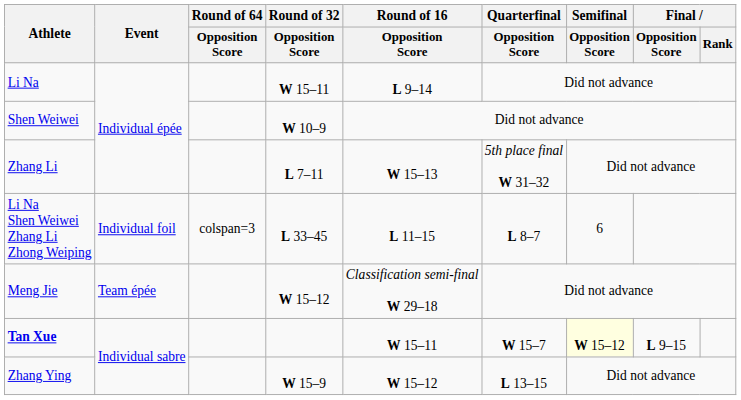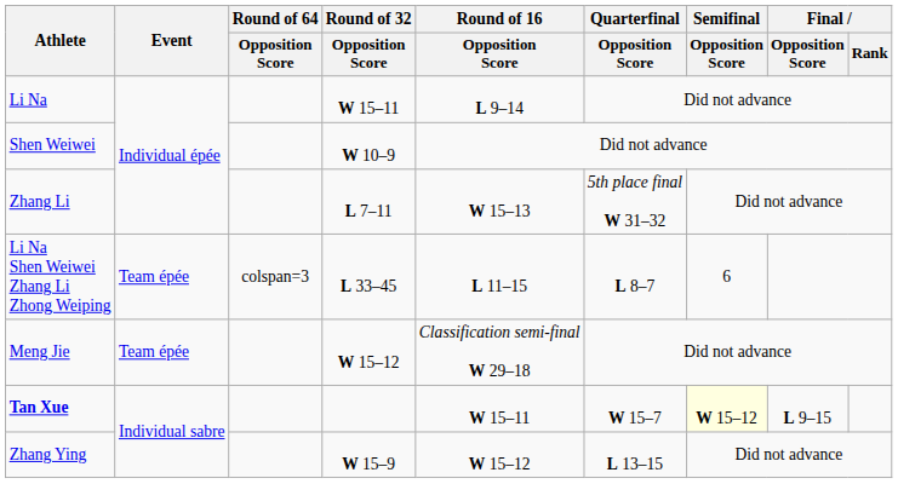 <table class="wikitable" style="font-size:90%">
 <tr>
 <th rowspan="2">Athlete</th>
 <th rowspan="2">Event</th>
 <th>Round of 64</th>
 <th>Round of 32</th>
 <th>Round of 16</th>
 <th>Quarterfinal</th>
 <th>Semifinal</th>
 <th colspan=2>Final / </th>
 </tr>
 <tr style="font-size:95%">
 <th>Opposition <br> Score</th>
 <th>Opposition <br> Score</th>
 <th>Opposition <br> Score</th>
 <th>Opposition <br> Score</th>
 <th>Opposition <br> Score</th>
 <th>Opposition <br> Score</th>
 <th>Rank</th>
 </tr>
 <tr align=center>
 <td align=left><a href='#'>Li Na</a></td>
 <td style="text-align:left;" rowspan="3"><a href='#'>Individual épée</a></td>
 <td></td>
 <td><br><strong>W</strong> 15–11</td>
 <td><br><strong>L</strong> 9–14</td>
 <td colspan=4>Did not advance</td>
 </tr>
 <tr align=center>
 <td align=left><a href='#'>Shen Weiwei</a></td>
 <td></td>
 <td><br><strong>W</strong> 10–9</td>
 <td colspan=5>Did not advance</td>
 </tr>
 <tr align=center>
 <td align=left><a href='#'>Zhang Li</a></td>
 <td></td>
 <td><br><strong>L</strong> 7–11</td>
 <td><br><strong>W</strong> 15–13</td>
 <td><em>5th place final</em><br><br><strong>W</strong> 31–32</td>
 <td colspan=3>Did not advance</td>
 </tr>
 <tr align=center>
 <td align=left><a href='#'>Li Na</a><br><a href='#'>Shen Weiwei</a><br><a href='#'>Zhang Li</a><br><a href='#'>Zhong Weiping</a></td>
-<td align=left><a href='#'>Individual foil</a></td>
+<td align=left><a href='#'>Team épée</a></td>
 <td>colspan=3 </td>
 <td><br><strong>L</strong> 33–45</td>
 <td><br><strong>L</strong> 11–15</td>
 <td><br><strong>L</strong> 8–7</td>
 <td>6</td>
 </tr>
 <tr align=center>
 <td align=left><a href='#'>Meng Jie</a></td>
 <td align=left><a href='#'>Team épée</a></td>
 <td></td>
 <td><br><strong>W</strong> 15–12</td>
 <td><em>Classification semi-final</em><br><br><strong>W</strong> 29–18</td>
 <td colspan=4>Did not advance</td>
 </tr>
 <tr align=center>
 <td align=left><strong><a href='#'>Tan Xue</a></strong></td>
 <td style="text-align:left;" rowspan="2"><a href='#'>Individual sabre</a></td>
 <td></td>
 <td></td>
 <td><br><strong>W</strong> 15–11</td>
 <td><br><strong>W</strong> 15–7</td>
 <td style="background: lightyellow;"><br><strong>W</strong> 15–12</td>
 <td><br><strong>L</strong> 9–15</td>
 <td></td>
 </tr>
 <tr align=center>
 <td align=left><a href='#'>Zhang Ying</a></td>
 <td></td>
 <td><br><strong>W</strong> 15–9</td>
 <td><br><strong>W</strong> 15–12</td>
 <td><br><strong>L</strong> 13–15</td>
 <td colspan=3>Did not advance</td>
 </tr>
 </table>
